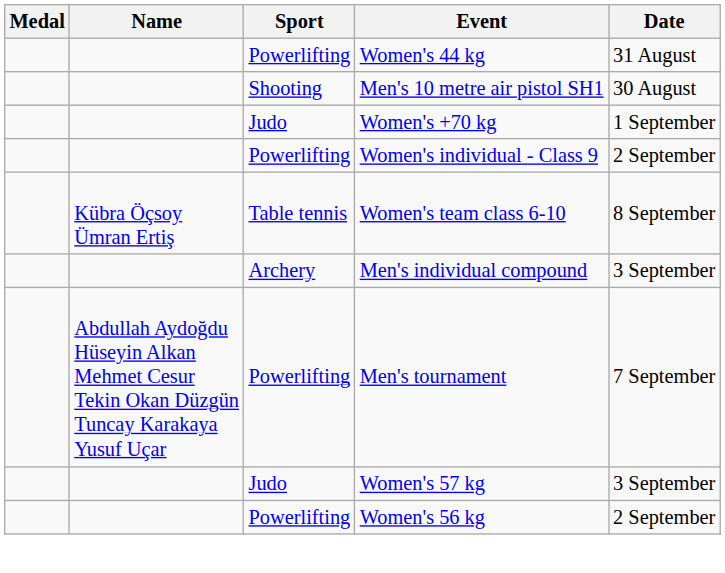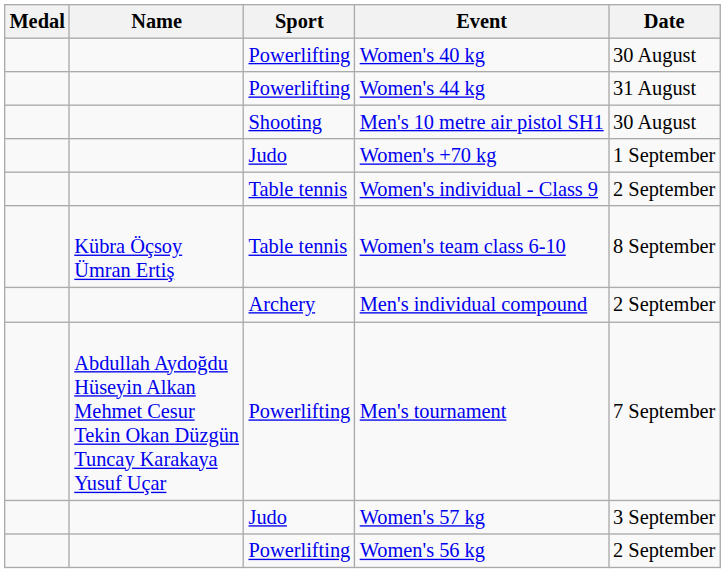 <table class="wikitable sortable" style="font-size:95%">
 <tr>
 <th>Medal</th>
 <th>Name</th>
 <th>Sport</th>
 <th>Event</th>
 <th>Date</th>
+</tr>
+<tr>
+<td></td>
+<td></td>
+<td><a href='#'>Powerlifting</a></td>
+<td><a href='#'>Women's 40 kg</a></td>
+<td>30 August</td>
 </tr>
 <tr>
 <td></td>
 <td></td>
 <td><a href='#'>Powerlifting</a></td>
 <td><a href='#'>Women's 44 kg</a></td>
 <td>31 August</td>
 </tr>
 <tr>
 <td></td>
 <td></td>
 <td><a href='#'>Shooting</a></td>
 <td><a href='#'>Men's 10 metre air pistol SH1</a></td>
 <td>30 August</td>
 </tr>
 <tr>
 <td></td>
 <td></td>
 <td><a href='#'>Judo</a></td>
 <td><a href='#'>Women's +70 kg</a></td>
 <td>1 September</td>
 </tr>
 <tr>
 <td></td>
 <td></td>
-<td><a href='#'>Powerlifting</a></td>
+<td><a href='#'>Table tennis</a></td>
 <td><a href='#'>Women's individual - Class 9</a></td>
 <td>2 September</td>
 </tr>
 <tr>
 <td></td>
 <td><br><a href='#'>Kübra Öçsoy</a><br><a href='#'>Ümran Ertiş</a></td>
 <td><a href='#'>Table tennis</a></td>
 <td><a href='#'>Women's team class 6-10</a></td>
 <td>8 September</td>
 </tr>
 <tr>
 <td></td>
 <td></td>
 <td><a href='#'>Archery</a></td>
 <td><a href='#'>Men's individual compound</a></td>
-<td>3 September</td>
+<td>2 September</td>
 </tr>
 <tr>
 <td></td>
 <td><br><a href='#'>Abdullah Aydoğdu</a><br> <a href='#'>Hüseyin Alkan</a><br> <a href='#'>Mehmet Cesur</a><br> <a href='#'>Tekin Okan Düzgün</a><br> <a href='#'>Tuncay Karakaya</a><br> <a href='#'>Yusuf Uçar</a></td>
 <td><a href='#'>Powerlifting</a></td>
 <td><a href='#'>Men's tournament</a></td>
 <td>7 September</td>
 </tr>
 <tr>
 <td></td>
 <td></td>
 <td><a href='#'>Judo</a></td>
 <td><a href='#'>Women's 57 kg</a></td>
 <td>3 September</td>
 </tr>
 <tr>
 <td></td>
 <td></td>
 <td><a href='#'>Powerlifting</a></td>
 <td><a href='#'>Women's 56 kg</a></td>
 <td>2 September</td>
 </tr>
 </table>
